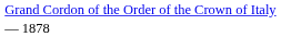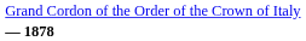 <table>
 <tr>
 <td rowspan=2 style="width:60px; vertical-align:top;"></td>
 <td><a href='#'>Grand Cordon of the Order of the Crown of Italy</a></td>
 </tr>
 <tr>
-<td>— 1878</td>
+<td><strong>— 1878</strong></td>
 </tr>
 </table>
